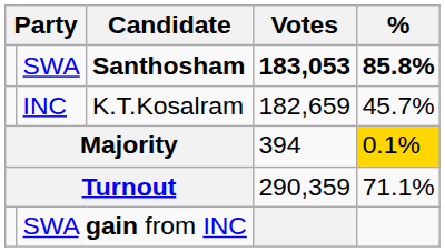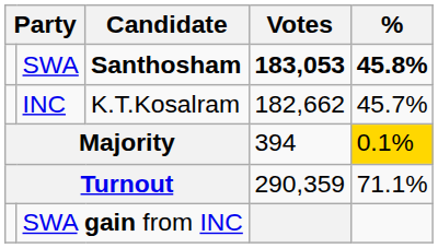 <table class="wikitable">
 <tr>
 <th colspan="2">Party</th>
 <th>Candidate</th>
 <th>Votes</th>
 <th>%</th>
 </tr>
 <tr>
 <td></td>
 <td><a href='#'>SWA</a></td>
 <td><strong>Santhosham</strong></td>
 <td><strong>183,053</strong></td>
-<td><strong>85.8%</strong></td>
+<td><strong>45.8%</strong></td>
 </tr>
 <tr>
 <td></td>
 <td><a href='#'>INC</a></td>
 <td>K.T.Kosalram</td>
-<td>182,659</td>
+<td>182,662</td>
 <td>45.7%</td>
 </tr>
 <tr>
 <th colspan="3">Majority</th>
 <td>394</td>
 <td style="background: gold;">0.1%</td>
 </tr>
 <tr>
 <th colspan="3"><a href='#'>Turnout</a></th>
 <td>290,359</td>
 <td>71.1%</td>
 </tr>
 <tr>
 <td></td>
 <td colspan="2"><a href='#'>SWA</a> <strong>gain</strong> from <a href='#'>INC</a></td>
 <th></th>
 <td></td>
 </tr>
 </table>
